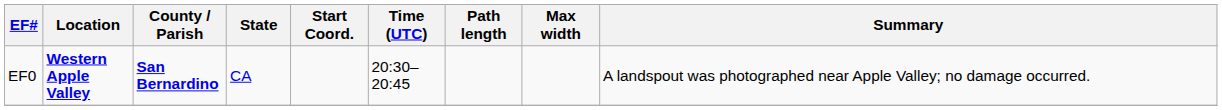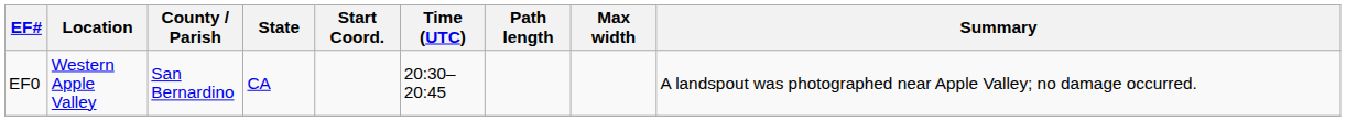 <table class="wikitable sortable" style="width:100%;">
 <tr>
 <th scope="col"  style="width:3%; text-align:center;"><a href='#'>EF#</a></th>
 <th scope="col"  style="width:7%; text-align:center;" class="unsortable">Location</th>
 <th scope="col"  style="width:6%; text-align:center;" class="unsortable">County / Parish</th>
 <th scope="col"  style="width:5%; text-align:center;">State</th>
 <th scope="col"  style="width:6%; text-align:center;">Start Coord.</th>
 <th scope="col"  style="width:6%; text-align:center;">Time (<a href='#'>UTC</a>)</th>
 <th scope="col"  style="width:6%; text-align:center;">Path length</th>
 <th scope="col"  style="width:6%; text-align:center;">Max width</th>
 <th scope="col" class="unsortable" style="width:48%; text-align:center;">Summary</th>
 </tr>
 <tr>
 <td>EF0</td>
-<td><strong><a href='#'>Western Apple Valley</a></strong></td>
-<td><strong><a href='#'>San Bernardino</a></strong></td>
+<td><a href='#'>Western Apple Valley</a></td>
+<td><a href='#'>San Bernardino</a></td>
 <td><a href='#'>CA</a></td>
 <td></td>
 <td>20:30–20:45</td>
 <td></td>
 <td></td>
 <td>A landspout was photographed near Apple Valley; no damage occurred.</td>
 </tr>
 <tr>
 </tr>
 </table>
